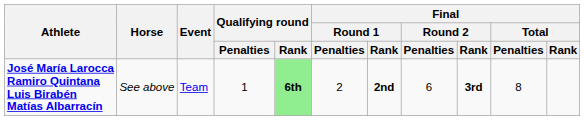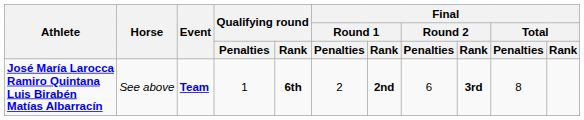 <table class=wikitable style="font-size:90%">
 <tr>
 <th rowspan="3">Athlete</th>
 <th rowspan="3">Horse</th>
 <th rowspan="3">Event</th>
 <th colspan="2" rowspan="2">Qualifying round</th>
 <th colspan="8">Final</th>
 </tr>
 <tr>
 <th colspan="2">Round 1</th>
 <th colspan="2">Round 2</th>
 <th colspan="2">Total</th>
 </tr>
 <tr>
 <th>Penalties</th>
 <th>Rank</th>
 <th>Penalties</th>
 <th>Rank</th>
 <th>Penalties</th>
 <th>Rank</th>
 <th>Penalties</th>
 <th>Rank</th>
 </tr>
 <tr>
 <td><strong><a href='#'>José María Larocca</a></strong><br><strong><a href='#'>Ramiro Quintana</a></strong><br><strong><a href='#'>Luis Birabén</a></strong><br><strong><a href='#'>Matías Albarracín</a></strong></td>
 <td><em>See above</em></td>
-<td><a href='#'>Team</a></td>
+<td><strong><a href='#'>Team</a></strong></td>
 <td align="center">1</td>
-<td align="center" style="background: lightgreen;"><strong>6th</strong></td>
+<td align="center"><strong>6th</strong></td>
 <td align="center">2</td>
 <td align="center"><strong>2nd</strong></td>
 <td align="center">6</td>
 <td align="center"><strong>3rd</strong></td>
 <td align="center">8</td>
 <td align="center"></td>
 </tr>
 </table>
